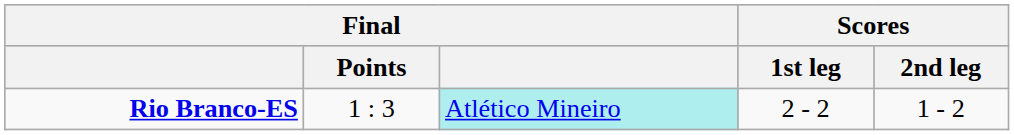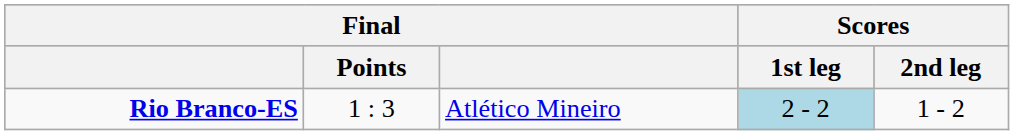 <table class="wikitable" style="text-align:center;">
 <tr>
 <th colspan=3>Final</th>
 <th colspan=3>Scores</th>
 </tr>
 <tr>
 <th width="175"></th>
 <th width="75">Points</th>
 <th width="175"></th>
 <th width="75">1st leg</th>
 <th width="75">2nd leg</th>
 </tr>
 <tr>
 <td align=right><strong><a href='#'>Rio Branco-ES</a></strong></td>
 <td>1 : 3</td>
-<td align=left style="background: paleturquoise;"><a href='#'>Atlético Mineiro</a></td>
-<td>2 - 2</td>
+<td align=left><a href='#'>Atlético Mineiro</a></td>
+<td style="background: lightblue;">2 - 2</td>
 <td>1 - 2</td>
 </tr>
 </table>
